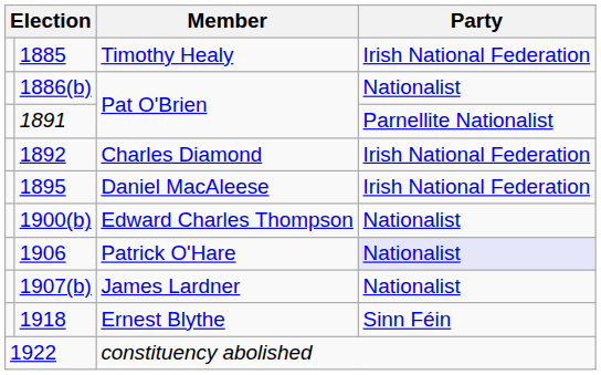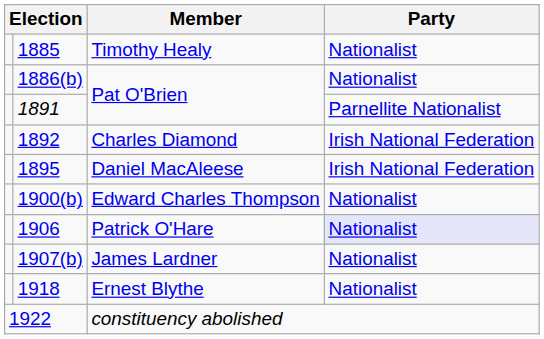 <table class="wikitable">
 <tr>
 <th colspan="2">Election</th>
 <th>Member</th>
 <th>Party</th>
 </tr>
 <tr>
 <td style="color:inherit;background-color: "></td>
 <td><a href='#'>1885</a></td>
 <td><a href='#'>Timothy Healy</a></td>
-<td><a href='#'>Irish National Federation</a></td>
+<td><a href='#'>Nationalist</a></td>
 </tr>
 <tr>
 <td style="color:inherit;background-color: "></td>
 <td><a href='#'>1886(b)</a></td>
 <td rowspan="2"><a href='#'>Pat O'Brien</a></td>
 <td><a href='#'>Nationalist</a></td>
 </tr>
 <tr>
 <td style="color:inherit;background-color: "></td>
 <td><em>1891</em></td>
 <td><a href='#'>Parnellite Nationalist</a></td>
 </tr>
 <tr>
 <td style="color:inherit;background-color: "></td>
 <td><a href='#'>1892</a></td>
 <td><a href='#'>Charles Diamond</a></td>
 <td><a href='#'>Irish National Federation</a></td>
 </tr>
 <tr>
 <td style="color:inherit;background-color: "></td>
 <td><a href='#'>1895</a></td>
 <td><a href='#'>Daniel MacAleese</a></td>
 <td><a href='#'>Irish National Federation</a></td>
 </tr>
 <tr>
 <td style="color:inherit;background-color:"></td>
 <td><a href='#'>1900(b)</a></td>
 <td><a href='#'>Edward Charles Thompson</a></td>
 <td><a href='#'>Nationalist</a></td>
 </tr>
 <tr>
 <td style="color:inherit;background-color: "></td>
 <td><a href='#'>1906</a></td>
 <td><a href='#'>Patrick O'Hare</a></td>
 <td style="background: lavender;"><a href='#'>Nationalist</a></td>
 </tr>
 <tr>
 <td style="color:inherit;background-color: "></td>
 <td><a href='#'>1907(b)</a></td>
 <td><a href='#'>James Lardner</a></td>
 <td><a href='#'>Nationalist</a></td>
 </tr>
 <tr>
 <td style="color:inherit;background-color: "></td>
 <td><a href='#'>1918</a></td>
 <td><a href='#'>Ernest Blythe</a></td>
-<td><a href='#'>Sinn Féin</a></td>
+<td><a href='#'>Nationalist</a></td>
 </tr>
 <tr>
 <td colspan="2"><a href='#'>1922</a></td>
 <td colspan="2"><em>constituency abolished</em></td>
 </tr>
 </table>
